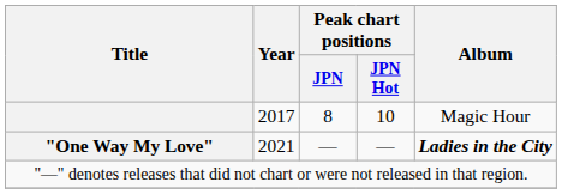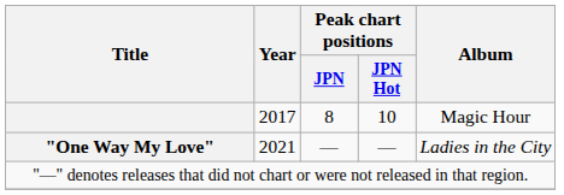 <table class="wikitable plainrowheaders" style="text-align:center;">
 <tr>
 <th scope="col" rowspan="2" style="width:13em;">Title</th>
 <th scope="col" rowspan="2">Year</th>
 <th scope="col" colspan="2">Peak chart positions</th>
 <th scope="col" rowspan="2">Album</th>
 </tr>
 <tr>
 <th scope="col" style="width:3em;font-size:90%;"><a href='#'>JPN</a></th>
 <th scope="col" style="width:3em;font-size:90%;"><a href='#'>JPN<br>Hot</a></th>
 </tr>
 <tr>
 <th scope="row"><br></th>
 <td>2017</td>
 <td>8</td>
 <td>10</td>
 <td>Magic Hour</td>
 </tr>
 <tr>
 <th scope="row">"One Way My Love"<br></th>
 <td>2021</td>
 <td>—</td>
 <td>—</td>
-<td><strong><em>Ladies in the City</em></strong></td>
+<td><em>Ladies in the City</em></td>
 </tr>
 <tr>
 <td colspan="6" style="font-size:90%;">"—" denotes releases that did not chart or were not released in that region.</td>
 </tr>
 <tr>
 </tr>
 </table>
